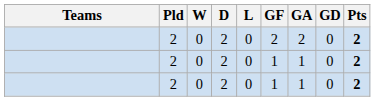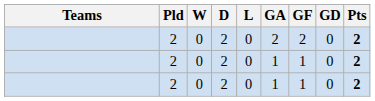 <table class="wikitable" style="text-align: center;">
 <tr>
 <th width=165>Teams</th>
 <th width=20>Pld</th>
 <th width=20>W</th>
 <th width=20>D</th>
 <th width=20>L</th>
+<th width=20>GA</th>
 <th width=20>GF</th>
-<th width=20>GA</th>
 <th width=20>GD</th>
 <th width=20>Pts</th>
 </tr>
 <tr align=center style="background:#CEE0F2;">
 <td style="text-align:left;"></td>
 <td>2</td>
 <td>0</td>
 <td>2</td>
 <td>0</td>
 <td>2</td>
 <td>2</td>
 <td>0</td>
 <td><strong>2</strong></td>
 </tr>
 <tr align=center style="background:#CEE0F2;">
 <td style="text-align:left;"></td>
 <td>2</td>
 <td>0</td>
 <td>2</td>
 <td>0</td>
 <td>1</td>
 <td>1</td>
 <td>0</td>
 <td><strong>2</strong></td>
 </tr>
 <tr align=center style="background:#CEE0F2;">
 <td style="text-align:left;"></td>
 <td>2</td>
 <td>0</td>
 <td>2</td>
 <td>0</td>
 <td>1</td>
 <td>1</td>
 <td>0</td>
 <td><strong>2</strong></td>
 </tr>
 </table>
